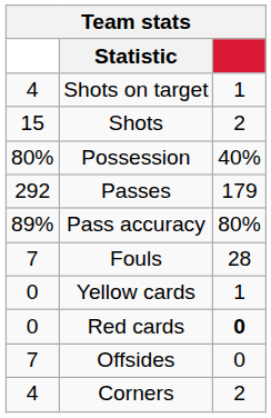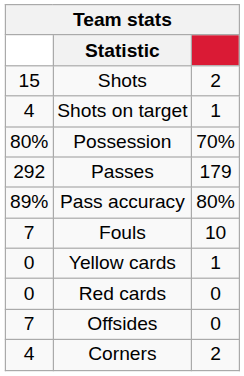 <table class="wikitable" style="margin-left: auto; margin-right: auto; border: none; text-align:center;">
 <tr>
 <th colspan=3>Team stats</th>
 </tr>
 <tr>
 <th style="background: #FFFFFF; color: #005293;"> <a href='#'></a></th>
 <th>Statistic</th>
 <th style="background: #DA1A35; color: #000000;"> <a href='#'></a></th>
 </tr>
 <tr>
+<td>15</td>
+<td>Shots</td>
+<td>2</td>
+</tr>
+<tr>
 <td>4</td>
 <td>Shots on target</td>
 <td>1</td>
 </tr>
 <tr>
-<td>15</td>
-<td>Shots</td>
-<td>2</td>
-</tr>
-<tr>
 <td>80%</td>
 <td>Possession</td>
-<td>40%</td>
+<td>70%</td>
 </tr>
 <tr>
 <td>292</td>
 <td>Passes</td>
 <td>179</td>
 </tr>
 <tr>
 <td>89%</td>
 <td>Pass accuracy</td>
 <td>80%</td>
 </tr>
 <tr>
 <td>7</td>
 <td>Fouls</td>
-<td>28</td>
+<td>10</td>
 </tr>
 <tr>
 <td>0</td>
 <td>Yellow cards</td>
 <td>1</td>
 </tr>
 <tr>
 <td>0</td>
 <td>Red cards</td>
-<td><strong>0</strong></td>
+<td>0</td>
 </tr>
 <tr>
 <td>7</td>
 <td>Offsides</td>
 <td>0</td>
 </tr>
 <tr>
 <td>4</td>
 <td>Corners</td>
 <td>2</td>
 </tr>
 </table>
